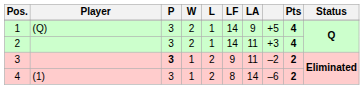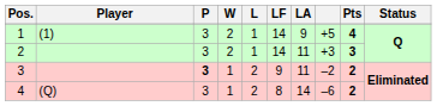 <table class="wikitable" style="text-align:center; margin: 1em auto 1em auto, align:left">
 <tr>
 <th width=25>Pos.</th>
 <th width=200>Player</th>
 <th width=25>P</th>
 <th width=25>W</th>
 <th width=25>L</th>
 <th width=25>LF</th>
 <th width=25>LA</th>
 <th width=25></th>
 <th width=25>Pts</th>
 <th width=75>Status</th>
 </tr>
 <tr>
 </tr>
 <tr style="background:#CCFFCC;">
 <td>1</td>
-<td align=left>(Q)</td>
+<td align=left> (1)</td>
 <td>3</td>
 <td>2</td>
 <td>1</td>
 <td>14</td>
 <td>9</td>
 <td>+5</td>
 <td><strong>4</strong></td>
 <td rowspan=2><strong>Q</strong></td>
 </tr>
 <tr style="background:#CCFFCC;">
 <td>2</td>
 <td align=left></td>
 <td>3</td>
 <td>2</td>
 <td>1</td>
 <td>14</td>
 <td>11</td>
 <td>+3</td>
-<td><strong>4</strong></td>
+<td><strong>3</strong></td>
 </tr>
 <tr style="background:#FFCCCC;">
 <td>3</td>
 <td align=left></td>
 <td><strong>3</strong></td>
 <td>1</td>
 <td>2</td>
 <td>9</td>
 <td>11</td>
 <td>–2</td>
 <td><strong>2</strong></td>
 <td rowspan=2><strong>Eliminated</strong></td>
 </tr>
 <tr style="background:#FFCCCC;">
 <td>4</td>
-<td align=left> (1)</td>
+<td align=left>(Q)</td>
 <td>3</td>
 <td>1</td>
 <td>2</td>
 <td>8</td>
 <td>14</td>
 <td>–6</td>
 <td><strong>2</strong></td>
 </tr>
 </table>
